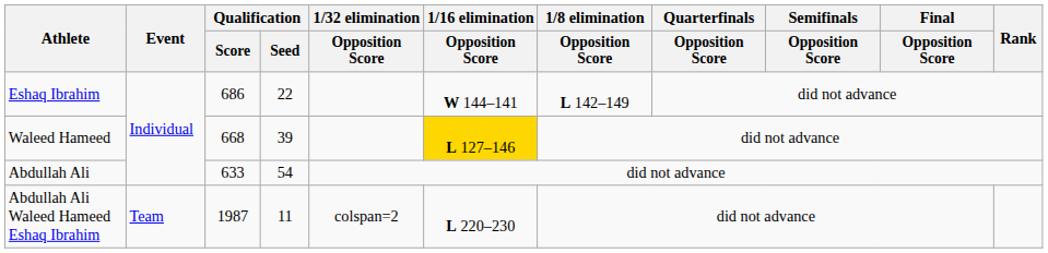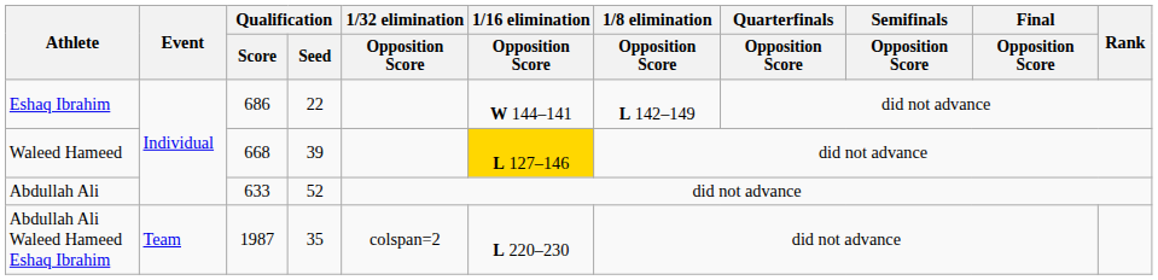 <table class="wikitable" style="text-align:center; font-size:90%">
 <tr>
 <th rowspan="2">Athlete</th>
 <th rowspan="2">Event</th>
 <th colspan="2">Qualification</th>
 <th width="11%">1/32 elimination</th>
 <th width="11%">1/16 elimination</th>
 <th width="11%">1/8 elimination</th>
 <th width="11%">Quarterfinals</th>
 <th width="11%">Semifinals</th>
 <th width="11%">Final</th>
 <th rowspan="2">Rank</th>
 </tr>
 <tr style="font-size:95%">
 <th>Score</th>
 <th>Seed</th>
 <th>Opposition<br>Score</th>
 <th>Opposition<br>Score</th>
 <th>Opposition<br>Score</th>
 <th>Opposition<br>Score</th>
 <th>Opposition<br>Score</th>
 <th>Opposition<br>Score</th>
 </tr>
 <tr align=center>
 <td align=left><a href='#'>Eshaq Ibrahim</a></td>
 <td align=left rowspan=3><a href='#'>Individual</a></td>
 <td>686</td>
 <td>22 <strong></strong></td>
 <td></td>
 <td><br><strong>W</strong> 144–141</td>
 <td><br><strong>L</strong> 142–149</td>
 <td colspan=4>did not advance</td>
 </tr>
 <tr align=center>
 <td align=left>Waleed Hameed</td>
 <td>668</td>
 <td>39 <strong></strong></td>
 <td></td>
 <td style="background: gold;"><br><strong>L</strong> 127–146</td>
 <td colspan=5>did not advance</td>
 </tr>
 <tr align=center>
 <td align=left>Abdullah Ali</td>
 <td>633</td>
-<td>54</td>
+<td>52</td>
 <td colspan=7>did not advance</td>
 </tr>
 <tr align=center>
 <td align=left>Abdullah Ali<br>Waleed Hameed<br><a href='#'>Eshaq Ibrahim</a></td>
 <td align=left><a href='#'>Team</a></td>
 <td>1987</td>
-<td>11 <strong></strong></td>
+<td>35 <strong></strong></td>
 <td>colspan=2 </td>
 <td><br><strong>L</strong> 220–230</td>
 <td colspan=4>did not advance</td>
 </tr>
 </table>
